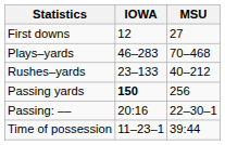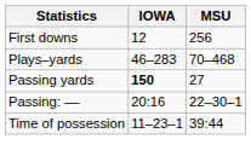 <table class="wikitable" style="float:left">
 <tr>
 <th>Statistics</th>
 <th>IOWA</th>
 <th>MSU</th>
 </tr>
 <tr>
 <td>First downs</td>
 <td>12</td>
-<td>27</td>
+<td>256</td>
 </tr>
 <tr>
 <td>Plays–yards</td>
 <td>46–283</td>
 <td>70–468</td>
 </tr>
 <tr>
-<td>Rushes–yards</td>
-<td>23–133</td>
-<td>40–212</td>
-</tr>
-<tr>
 <td>Passing yards</td>
 <td><strong>150</strong></td>
-<td>256</td>
+<td>27</td>
 </tr>
 <tr>
 <td>Passing: ––</td>
 <td>20:16</td>
 <td>22–30–1</td>
 </tr>
 <tr>
 <td>Time of possession</td>
 <td>11–23–1</td>
 <td>39:44</td>
 </tr>
 </table>
